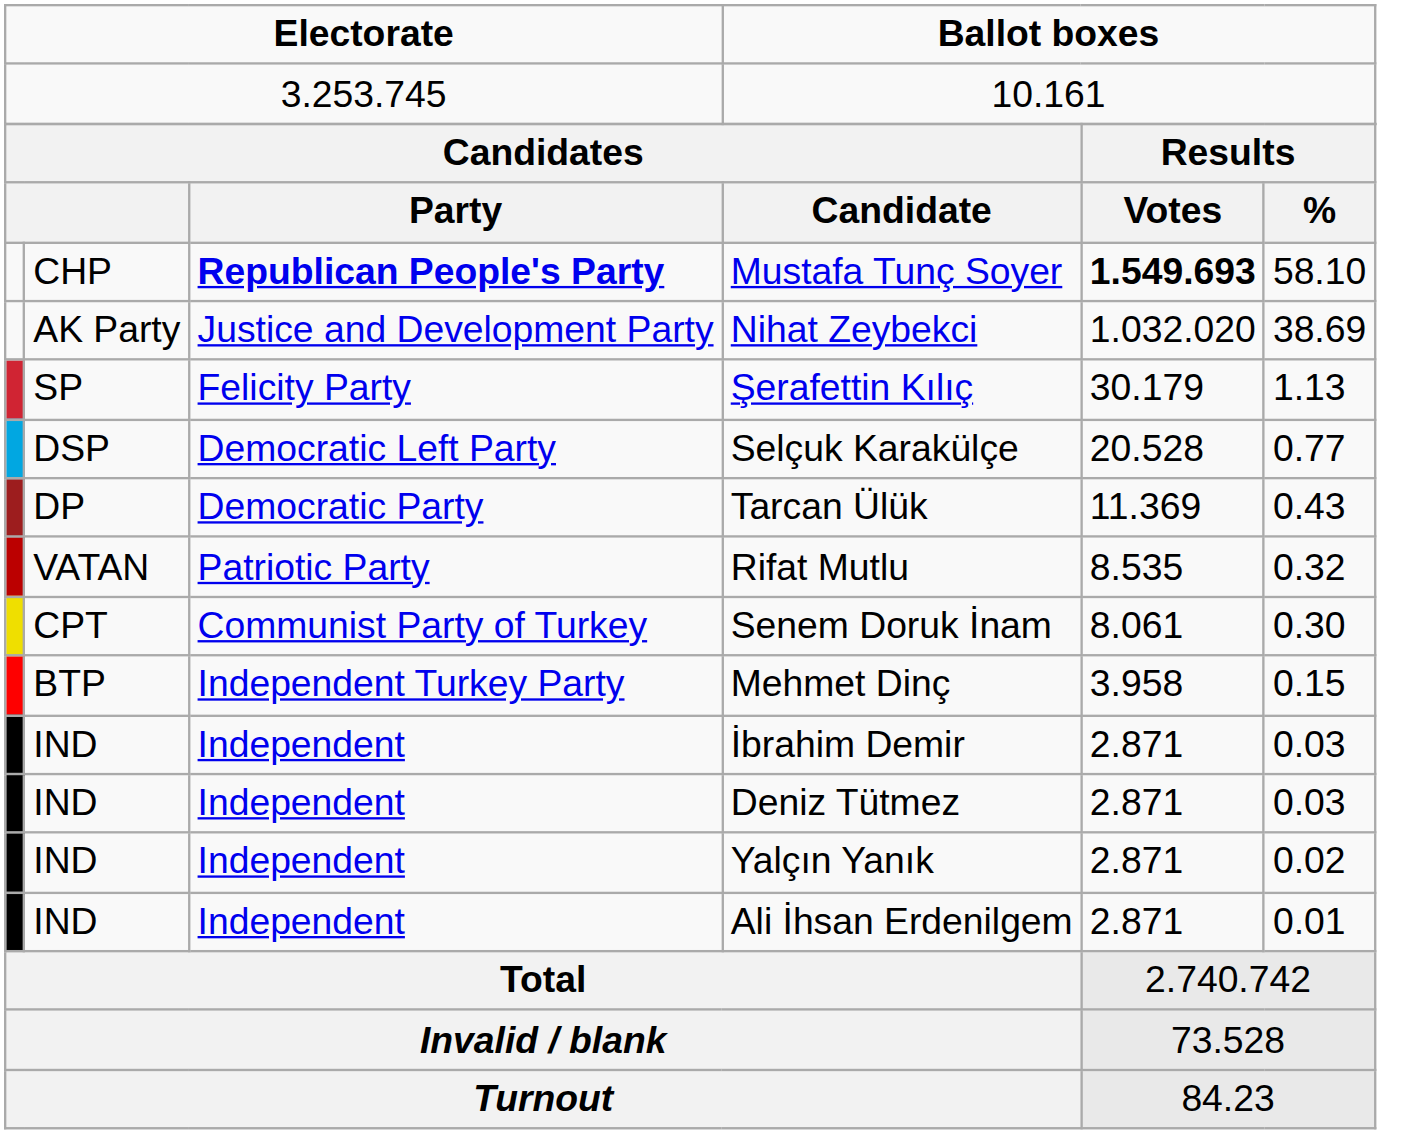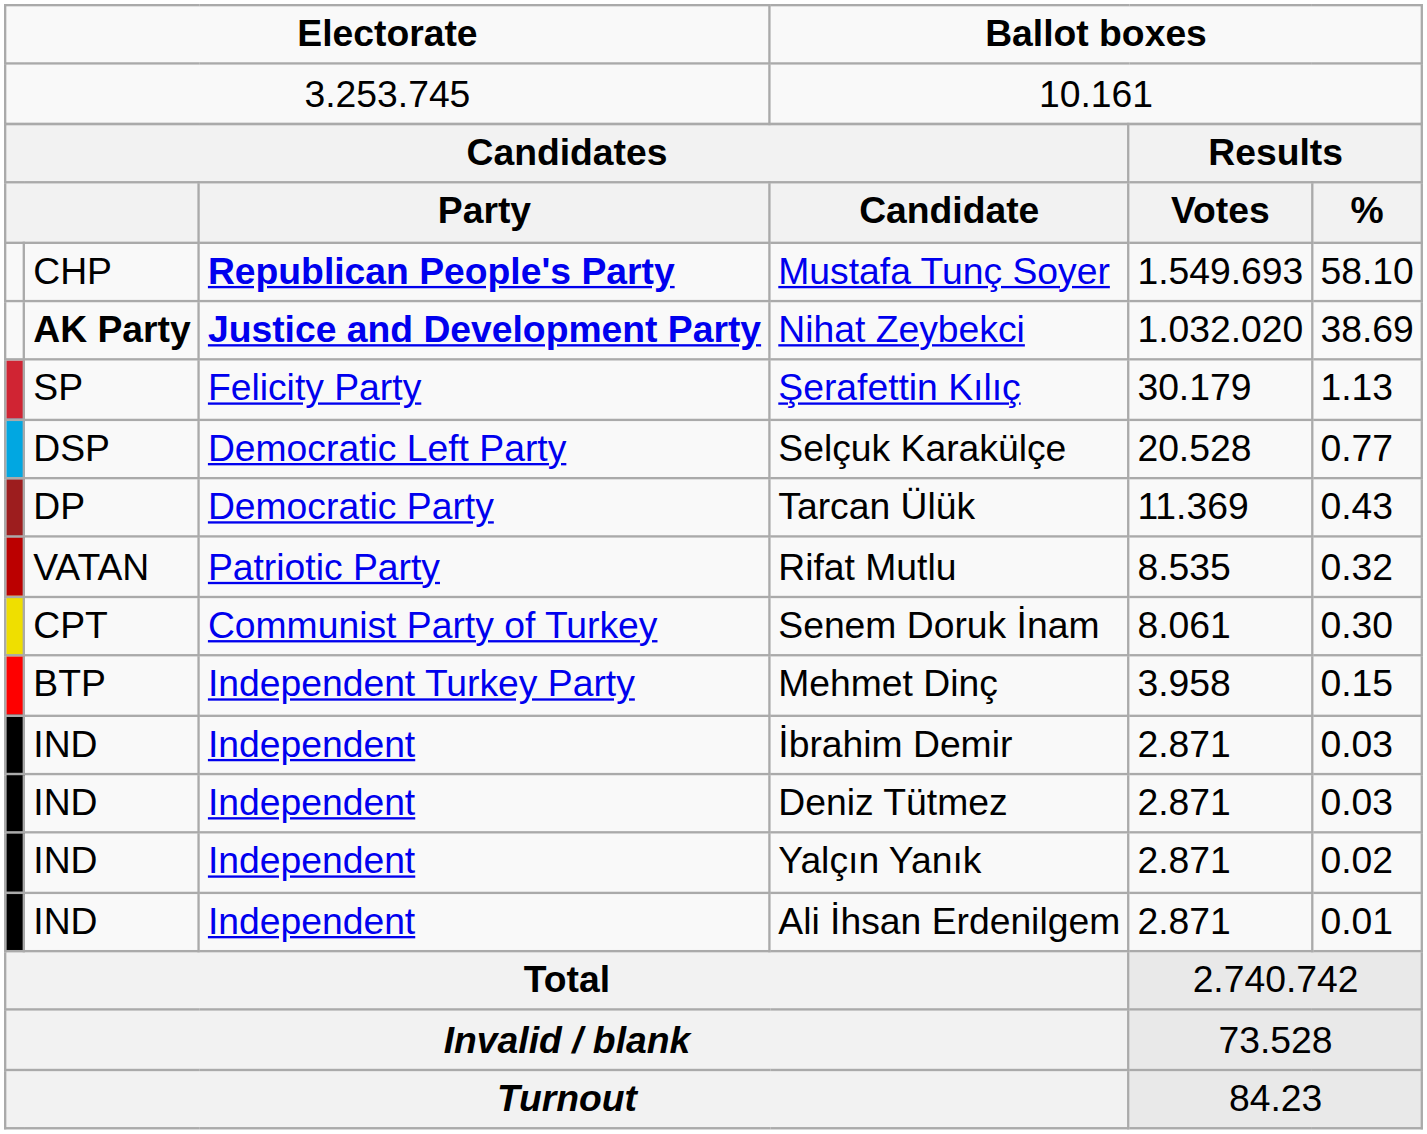 <table class="wikitable">
 <tr>
 <td colspan="3" align="center"><strong>Electorate</strong></td>
 <td colspan="7" align="center"><strong>Ballot boxes</strong></td>
 </tr>
 <tr align="left">
 <td colspan="3" align="center">3.253.745</td>
 <td colspan="7" align="center">10.161</td>
 </tr>
 <tr>
 </tr>
 <tr style="background-color:#E9E9E9">
 </tr>
 <tr>
 <th colspan="4" align="center">Candidates</th>
 <th colspan="6" align="center">Results</th>
 </tr>
 <tr style="background-color:#E9E9E9">
 <th colspan="2" align="center"></th>
 <th align="center">Party</th>
 <th align="center">Candidate</th>
 <th align="center">Votes</th>
 <th align="center">%</th>
 </tr>
 <tr align="left">
 <td></td>
 <td>CHP</td>
 <td><strong><a href='#'>Republican People's Party</a></strong></td>
 <td><a href='#'>Mustafa Tunç Soyer</a></td>
-<td><strong>1.549.693</strong></td>
+<td>1.549.693</td>
 <td>58.10</td>
 </tr>
 <tr align="left">
 <td></td>
-<td>AK Party</td>
-<td><a href='#'>Justice and Development Party</a></td>
+<td><strong>AK Party</strong></td>
+<td><strong><a href='#'>Justice and Development Party</a></strong></td>
 <td><a href='#'>Nihat Zeybekci</a></td>
 <td>1.032.020</td>
 <td>38.69</td>
 </tr>
 <tr align="left">
 <td bgcolor="#D02433" width="1"></td>
 <td>SP</td>
 <td><a href='#'>Felicity Party</a></td>
 <td><a href='#'>Şerafettin Kılıç</a></td>
 <td>30.179</td>
 <td>1.13</td>
 </tr>
 <tr align="left">
 <td bgcolor="#01A7E1" width="1"></td>
 <td>DSP</td>
 <td><a href='#'>Democratic Left Party</a></td>
 <td>Selçuk Karakülçe</td>
 <td>20.528</td>
 <td>0.77</td>
 </tr>
 <tr align="left">
 <td bgcolor="#9D1D1E" width="1"></td>
 <td>DP</td>
 <td><a href='#'>Democratic Party</a></td>
 <td>Tarcan Ülük</td>
 <td>11.369</td>
 <td>0.43</td>
 </tr>
 <tr align="left">
 <td bgcolor="#BB0000" width="1"></td>
 <td>VATAN</td>
 <td><a href='#'>Patriotic Party</a></td>
 <td>Rifat Mutlu</td>
 <td>8.535</td>
 <td>0.32</td>
 </tr>
 <tr align="left">
 <td bgcolor="#EFDF00" width="1"></td>
 <td>CPT</td>
 <td><a href='#'>Communist Party of Turkey</a></td>
 <td>Senem Doruk İnam</td>
 <td>8.061</td>
 <td>0.30</td>
 </tr>
 <tr align="left">
 <td bgcolor="#FE0000" width="1"></td>
 <td>BTP</td>
 <td><a href='#'>Independent Turkey Party</a></td>
 <td>Mehmet Dinç</td>
 <td>3.958</td>
 <td>0.15</td>
 </tr>
 <tr align="left">
 <td bgcolor=" " width="1"></td>
 <td>IND</td>
 <td><a href='#'>Independent</a></td>
 <td>İbrahim Demir</td>
 <td>2.871</td>
 <td>0.03</td>
 </tr>
 <tr align="left">
 <td bgcolor=" " width="1"></td>
 <td>IND</td>
 <td><a href='#'>Independent</a></td>
 <td>Deniz Tütmez</td>
 <td>2.871</td>
 <td>0.03</td>
 </tr>
 <tr align="left">
 <td bgcolor=" " width="1"></td>
 <td>IND</td>
 <td><a href='#'>Independent</a></td>
 <td>Yalçın Yanık</td>
 <td>2.871</td>
 <td>0.02</td>
 </tr>
 <tr align="left">
 <td bgcolor=" " width="1"></td>
 <td>IND</td>
 <td><a href='#'>Independent</a></td>
 <td>Ali İhsan Erdenilgem</td>
 <td>2.871</td>
 <td>0.01</td>
 </tr>
 <tr align="left" style="background-color:#E9E9E9">
 <th colspan="4" align="center"><strong>Total</strong></th>
 <td colspan="5" align="center">2.740.742</td>
 </tr>
 <tr align="left" style="background-color:#E9E9E9">
 <th colspan="4" align="center"><em>Invalid / blank</em></th>
 <td colspan="5" align="center">73.528</td>
 </tr>
 <tr align="left" style="background-color:#E9E9E9">
 <th colspan="4" align="center"><em>Turnout</em></th>
 <td colspan="5" align="center">84.23</td>
 </tr>
 </table>
